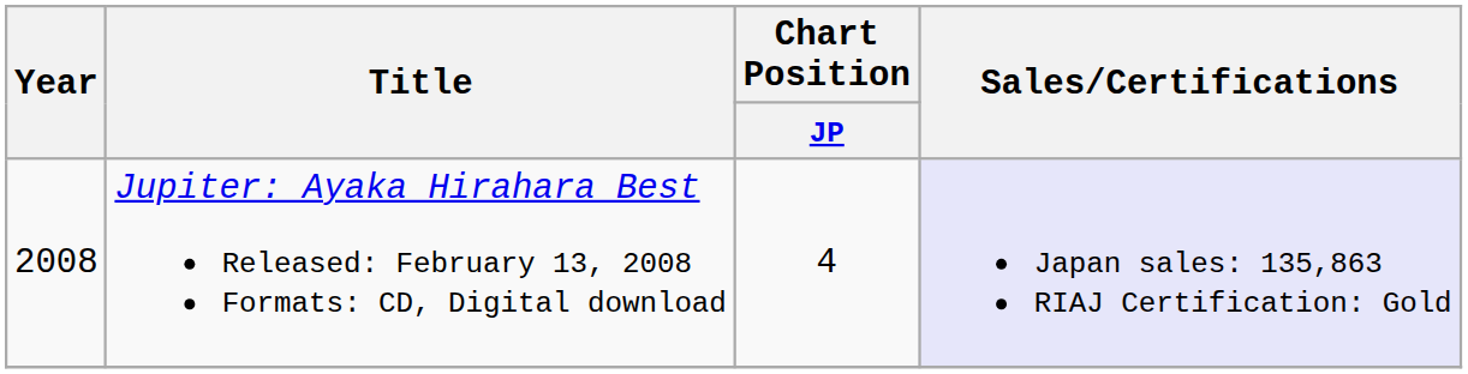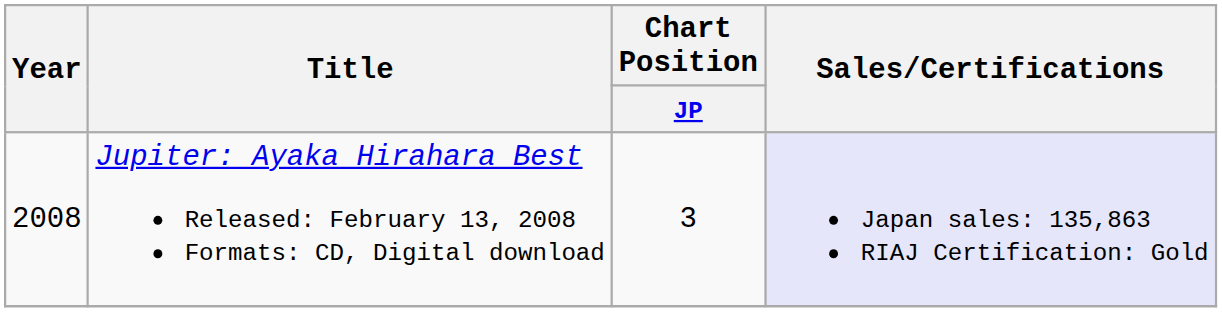 <table class="wikitable">
 <tr>
 <th rowspan="2">Year</th>
 <th rowspan="2">Title</th>
 <th>Chart Position</th>
 <th rowspan="2">Sales/Certifications</th>
 </tr>
 <tr>
 <th width="30"><small><a href='#'>JP</a></small></th>
 </tr>
 <tr>
 <td>2008</td>
 <td><em><a href='#'>Jupiter: Ayaka Hirahara Best</a></em><br><ul><li><small>Released: February 13, 2008</small></li><li><small>Formats: CD, Digital download</small></li></ul></td>
-<td align="center">4</td>
+<td align="center">3</td>
 <td align="left" style="background: lavender;"><br><ul><li><small>Japan sales: 135,863</small></li><li><small>RIAJ Certification: Gold</small></li></ul></td>
 </tr>
 <tr>
 </tr>
 </table>
